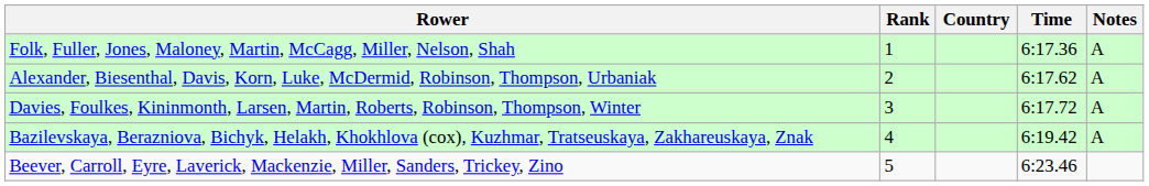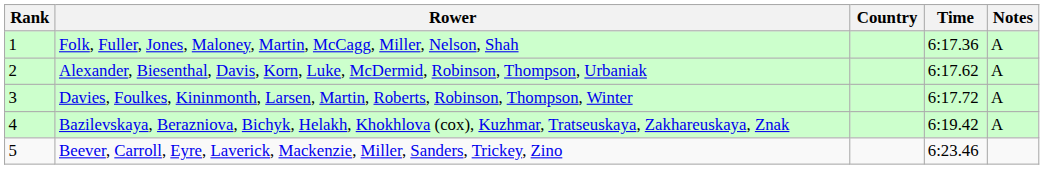 <table class="wikitable sortable" width=78%>
 <tr>
+<th>Rank</th>
 <th>Rower</th>
-<th>Rank</th>
 <th>Country</th>
 <th>Time</th>
 <th>Notes</th>
 </tr>
 <tr bgcolor=ccffcc>
+<td>1</td>
 <td><a href='#'>Folk</a>, <a href='#'>Fuller</a>, <a href='#'>Jones</a>, <a href='#'>Maloney</a>, <a href='#'>Martin</a>, <a href='#'>McCagg</a>, <a href='#'>Miller</a>, <a href='#'>Nelson</a>, <a href='#'>Shah</a></td>
-<td>1</td>
 <td></td>
 <td>6:17.36</td>
 <td>A</td>
 </tr>
 <tr bgcolor=ccffcc>
+<td>2</td>
 <td><a href='#'>Alexander</a>, <a href='#'>Biesenthal</a>, <a href='#'>Davis</a>, <a href='#'>Korn</a>, <a href='#'>Luke</a>, <a href='#'>McDermid</a>, <a href='#'>Robinson</a>, <a href='#'>Thompson</a>, <a href='#'>Urbaniak</a></td>
-<td>2</td>
 <td></td>
 <td>6:17.62</td>
 <td>A</td>
 </tr>
 <tr bgcolor=ccffcc>
+<td>3</td>
 <td><a href='#'>Davies</a>, <a href='#'>Foulkes</a>, <a href='#'>Kininmonth</a>, <a href='#'>Larsen</a>, <a href='#'>Martin</a>, <a href='#'>Roberts</a>, <a href='#'>Robinson</a>, <a href='#'>Thompson</a>, <a href='#'>Winter</a></td>
-<td>3</td>
 <td></td>
 <td>6:17.72</td>
 <td>A</td>
 </tr>
 <tr bgcolor=ccffcc>
+<td>4</td>
 <td><a href='#'>Bazilevskaya</a>, <a href='#'>Berazniova</a>, <a href='#'>Bichyk</a>, <a href='#'>Helakh</a>, <a href='#'>Khokhlova</a> (cox), <a href='#'>Kuzhmar</a>, <a href='#'>Tratseuskaya</a>, <a href='#'>Zakhareuskaya</a>, <a href='#'>Znak</a></td>
-<td>4</td>
 <td></td>
 <td>6:19.42</td>
 <td>A</td>
 </tr>
 <tr>
+<td>5</td>
 <td><a href='#'>Beever</a>, <a href='#'>Carroll</a>, <a href='#'>Eyre</a>, <a href='#'>Laverick</a>, <a href='#'>Mackenzie</a>, <a href='#'>Miller</a>, <a href='#'>Sanders</a>, <a href='#'>Trickey</a>, <a href='#'>Zino</a></td>
-<td>5</td>
 <td></td>
 <td>6:23.46</td>
 <td></td>
 </tr>
 </table>
